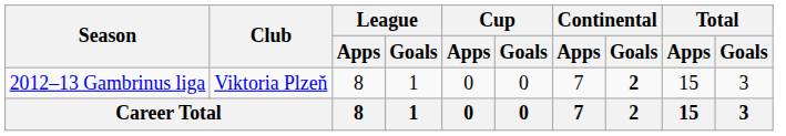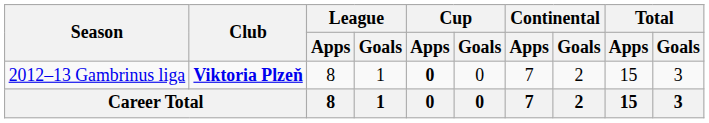 <table class="wikitable" style="text-align: center;">
 <tr>
 <th rowspan=2>Season</th>
 <th rowspan=2>Club</th>
 <th colspan=2>League</th>
 <th colspan=2>Cup</th>
 <th colspan=2>Continental</th>
 <th colspan=2>Total</th>
 </tr>
 <tr>
 <th>Apps</th>
 <th>Goals</th>
 <th>Apps</th>
 <th>Goals</th>
 <th>Apps</th>
 <th>Goals</th>
 <th>Apps</th>
 <th>Goals</th>
 </tr>
 <tr>
 <td><a href='#'>2012–13 Gambrinus liga</a></td>
-<td><a href='#'>Viktoria Plzeň</a></td>
+<td><strong><a href='#'>Viktoria Plzeň</a></strong></td>
 <td>8</td>
 <td>1</td>
-<td>0</td>
+<td><strong>0</strong></td>
 <td>0</td>
 <td>7</td>
-<td><strong>2</strong></td>
+<td>2</td>
 <td>15</td>
 <td>3</td>
 </tr>
 <tr>
 <th colspan="2.5">Career Total</th>
 <th>8</th>
 <th>1</th>
 <th>0</th>
 <th>0</th>
 <th>7</th>
 <th>2</th>
 <th>15</th>
 <th>3</th>
 </tr>
 </table>
